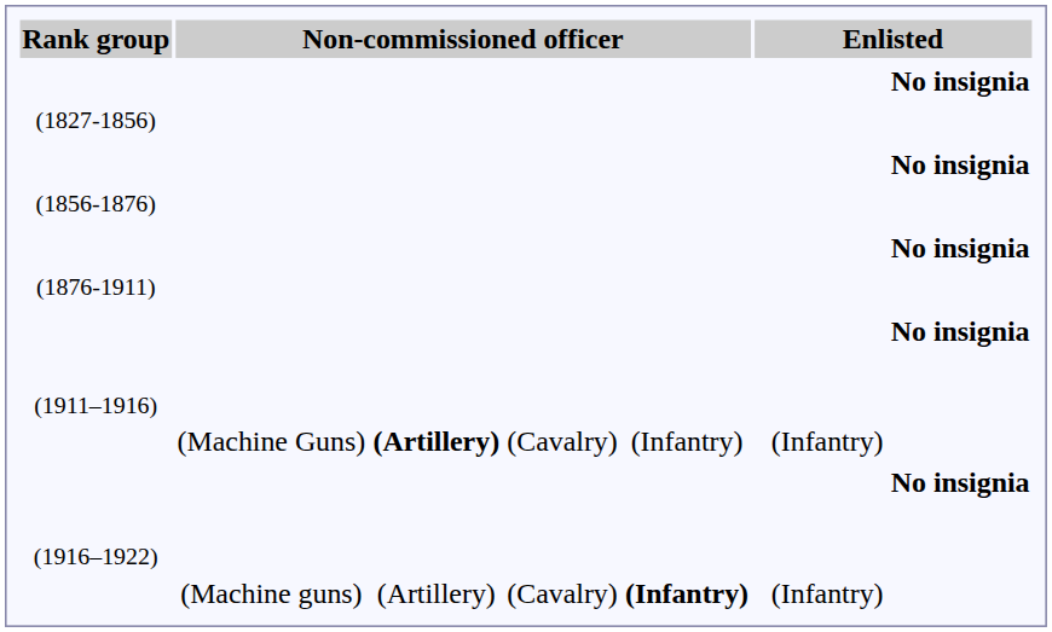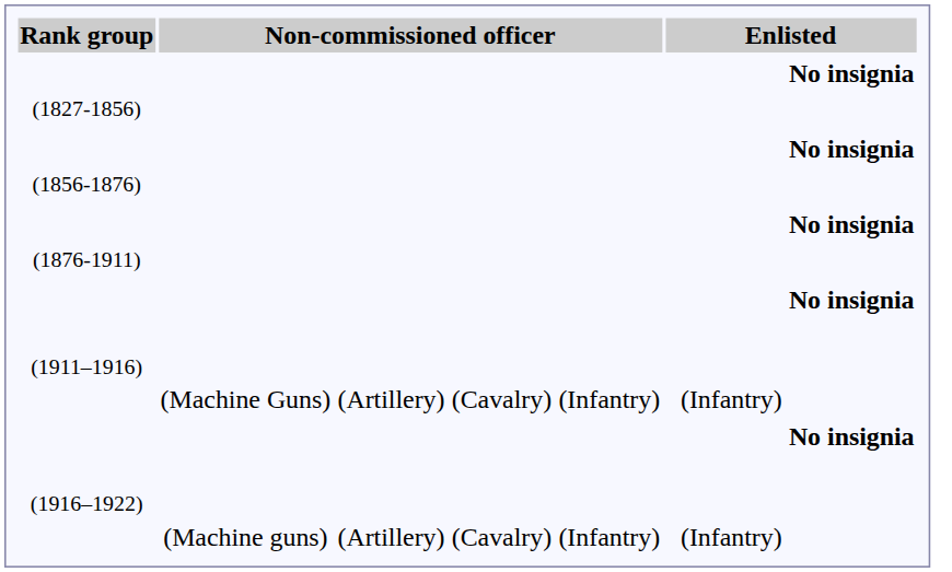 <table style="border:1px solid #8888aa; background-color:#f7f8ff; padding:5px; font-size:95%; margin: 0px 12px 12px 0px; text-align:center;">
 <tr style="background-color:#CCCCCC;">
 <th>Rank group</th>
 <th colspan=4>Non-commissioned officer</th>
 <th colspan=4>Enlisted</th>
 </tr>
 <tr>
 <td rowspan=2><strong></strong><br><small>(1827-1856)</small></td>
 <td colspan=3></td>
 <td></td>
 <td></td>
 <td colspan=2></td>
 <td colspan=1><strong>No insignia</strong></td>
 </tr>
 <tr>
 <td colspan=3></td>
 <td><br></td>
 <td><br></td>
 <td colspan=1></td>
 <td><br></td>
 <td colspan=1><br></td>
 </tr>
 <tr style="text-align:center;">
 <td rowspan=2><strong></strong><br><small>(1856-1876)</small></td>
 <td></td>
 <td></td>
 <td colspan=1></td>
 <td></td>
 <td></td>
 <td></td>
 <td></td>
 <td colspan=3><strong>No insignia</strong></td>
 </tr>
 <tr>
 <td></td>
 <td><br></td>
 <td colspan=1></td>
 <td><br></td>
 <td></td>
 <td><br></td>
 <td><br></td>
 <td colspan=2><br></td>
 </tr>
 <tr style="text-align:center;">
 <td rowspan=2><strong></strong><br><small>(1876-1911)</small></td>
 <td></td>
 <td></td>
 <td colspan=1></td>
 <td></td>
 <td></td>
 <td></td>
 <td></td>
 <td colspan=3><strong>No insignia</strong></td>
 </tr>
 <tr>
 <td></td>
 <td><br></td>
 <td colspan=1></td>
 <td><br></td>
 <td></td>
 <td><br></td>
 <td><br></td>
 <td><br></td>
 </tr>
 <tr style="text-align:center;">
 <td rowspan=2><strong></strong><br><small>(1911–1916)</small></td>
 <td></td>
 <td></td>
 <td></td>
 <td></td>
 <td colspan=2></td>
 <td></td>
 <td colspan=3><strong>No insignia</strong></td>
 </tr>
 <tr>
 <td><br><br>(Machine Guns)</td>
-<td><strong><br><br>(Artillery)</strong></td>
+<td><br><br>(Artillery)</td>
 <td><br><br>(Cavalry)</td>
 <td><br><br>(Infantry)</td>
 <td colspan=2></td>
 <td><br><br>(Infantry)</td>
 <td><br></td>
 </tr>
 <tr style="text-align:center;">
 <td rowspan=2><strong></strong><br><small>(1916–1922)</small></td>
 <td></td>
 <td></td>
 <td></td>
 <td></td>
 <td colspan=2></td>
 <td></td>
 <td colspan=3><strong>No insignia</strong></td>
 </tr>
 <tr>
 <td><br><br>(Machine guns)</td>
 <td><br><br>(Artillery)</td>
 <td><br><br>(Cavalry)</td>
-<td><strong><br><br>(Infantry)</strong></td>
+<td><br><br>(Infantry)</td>
 <td colspan=2></td>
 <td><br><br>(Infantry)</td>
 <td><br></td>
 </tr>
 </table>
